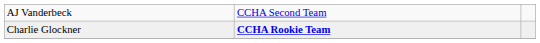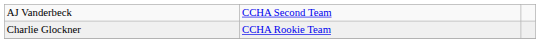 <table class="wikitable" width=40%>
 <tr>
 <td>AJ Vanderbeck</td>
 <td rowspan=1><a href='#'>CCHA Second Team</a></td>
 <td rowspan=1></td>
 </tr>
 <tr bgcolor=f0f0f0>
 <td>Charlie Glockner</td>
-<td rowspan=1><strong><a href='#'>CCHA Rookie Team</a></strong></td>
+<td rowspan=1><a href='#'>CCHA Rookie Team</a></td>
 <td rowspan=1></td>
 </tr>
 <tr>
 </tr>
 </table>
